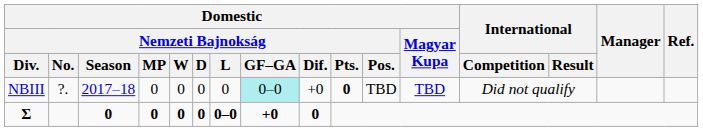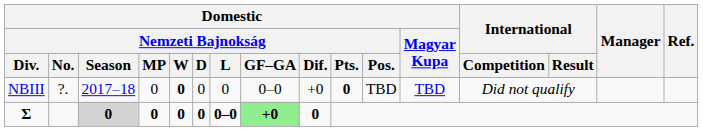 <table class="wikitable"  style="text-align:center">
 <tr>
 <th colspan="12">Domestic</th>
 <th colspan="2" rowspan="2">International</th>
 <th rowspan="3">Manager</th>
 <th rowspan="3">Ref.</th>
 </tr>
 <tr>
 <th colspan="11"><a href='#'>Nemzeti Bajnokság</a></th>
 <th rowspan="2"><a href='#'>Magyar<br>Kupa</a></th>
 </tr>
 <tr>
 <th>Div.</th>
 <th>No.</th>
 <th>Season</th>
 <th>MP</th>
 <th>W</th>
 <th>D</th>
 <th>L</th>
 <th>GF–GA</th>
 <th>Dif.</th>
 <th>Pts.</th>
 <th>Pos.</th>
 <th>Competition</th>
 <th>Result</th>
 </tr>
 <tr>
 <td><a href='#'>NBIII</a></td>
 <td>?.</td>
 <td><a href='#'>2017–18</a></td>
 <td>0</td>
+<td><strong>0</strong></td>
 <td>0</td>
 <td>0</td>
-<td>0</td>
-<td style="background: paleturquoise;">0–0</td>
+<td>0–0</td>
 <td>+0</td>
 <td><strong>0</strong></td>
 <td>TBD</td>
 <td><a href='#'>TBD</a></td>
 <td colspan="2" rowspan="1"><em>Did not qualify</em></td>
 <td style="text-align:left"></td>
 <td></td>
 </tr>
 <tr>
 <td><strong>Σ</strong></td>
 <td></td>
-<td><strong>0</strong></td>
+<td style="background: lightgrey;"><strong>0</strong></td>
 <td><strong>0</strong></td>
 <td><strong>0</strong></td>
 <td><strong>0</strong></td>
 <td><strong>0–0</strong></td>
-<td><strong>+0</strong></td>
+<td style="background: lightgreen;"><strong>+0</strong></td>
 <td><strong>0</strong></td>
 </tr>
 </table>
